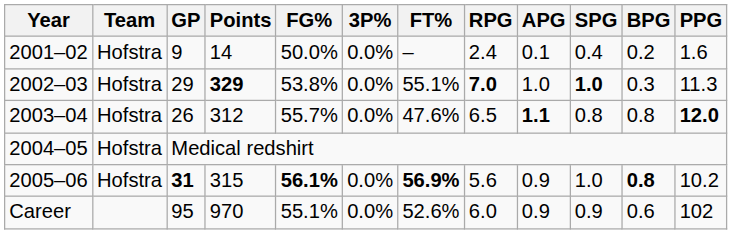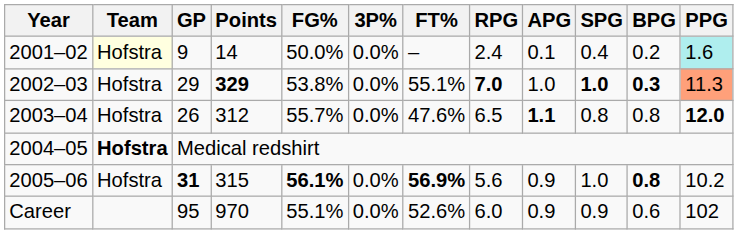 <table class="wikitable">
 <tr>
 <th>Year</th>
 <th>Team</th>
 <th>GP</th>
 <th>Points</th>
 <th>FG%</th>
 <th>3P%</th>
 <th>FT%</th>
 <th>RPG</th>
 <th>APG</th>
 <th>SPG</th>
 <th>BPG</th>
 <th>PPG</th>
 </tr>
 <tr>
 <td>2001–02</td>
-<td>Hofstra</td>
+<td style="background: lightyellow;">Hofstra</td>
 <td>9</td>
 <td>14</td>
 <td>50.0%</td>
 <td>0.0%</td>
 <td>–</td>
 <td>2.4</td>
 <td>0.1</td>
 <td>0.4</td>
 <td>0.2</td>
-<td>1.6</td>
+<td style="background: paleturquoise;">1.6</td>
 </tr>
 <tr>
 <td>2002–03</td>
 <td>Hofstra</td>
 <td>29</td>
 <td><strong>329</strong></td>
 <td>53.8%</td>
 <td>0.0%</td>
 <td>55.1%</td>
 <td><strong>7.0</strong></td>
 <td>1.0</td>
 <td><strong>1.0</strong></td>
-<td>0.3</td>
-<td>11.3</td>
+<td><strong>0.3</strong></td>
+<td style="background: lightsalmon;">11.3</td>
 </tr>
 <tr>
 <td>2003–04</td>
 <td>Hofstra</td>
 <td>26</td>
 <td>312</td>
 <td>55.7%</td>
 <td>0.0%</td>
 <td>47.6%</td>
 <td>6.5</td>
 <td><strong>1.1</strong></td>
 <td>0.8</td>
 <td>0.8</td>
 <td><strong>12.0</strong></td>
 </tr>
 <tr>
 <td>2004–05</td>
-<td>Hofstra</td>
+<td><strong>Hofstra</strong></td>
 <td colspan="10">Medical redshirt</td>
 </tr>
 <tr>
 <td>2005–06</td>
 <td>Hofstra</td>
 <td><strong>31</strong></td>
 <td>315</td>
 <td><strong>56.1%</strong></td>
 <td>0.0%</td>
 <td><strong>56.9%</strong></td>
 <td>5.6</td>
 <td>0.9</td>
 <td>1.0</td>
 <td><strong>0.8</strong></td>
 <td>10.2</td>
 </tr>
 <tr>
 <td>Career</td>
 <td></td>
 <td>95</td>
 <td>970</td>
 <td>55.1%</td>
 <td>0.0%</td>
 <td>52.6%</td>
 <td>6.0</td>
 <td>0.9</td>
 <td>0.9</td>
 <td>0.6</td>
 <td>102</td>
 </tr>
 </table>
